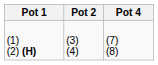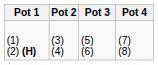 <table class="wikitable">
 <tr>
 <th width=30%>Pot 1</th>
 <th width=20%>Pot 2</th>
+<th width=25%>Pot 3</th>
 <th width=25%>Pot 4</th>
 </tr>
 <tr>
 <td><br> (1) <br>  (2) <strong>(H)</strong></td>
 <td><br> (3) <br>  (4)</td>
+<td><br> (5) <br>  (6)</td>
 <td><br> (7) <br>  (8)</td>
 </tr>
 </table>
